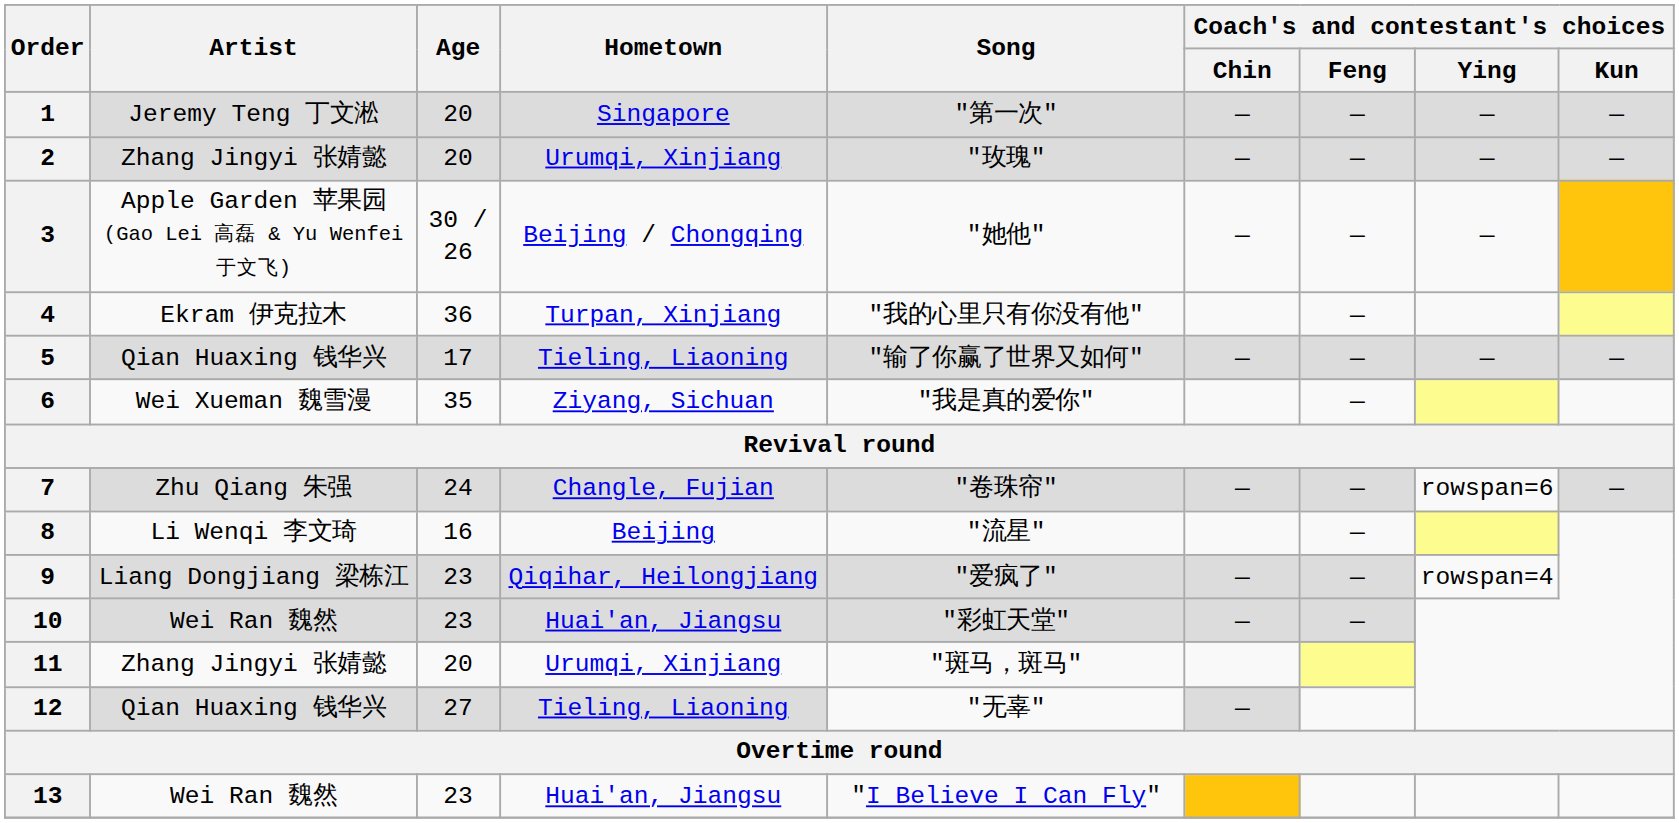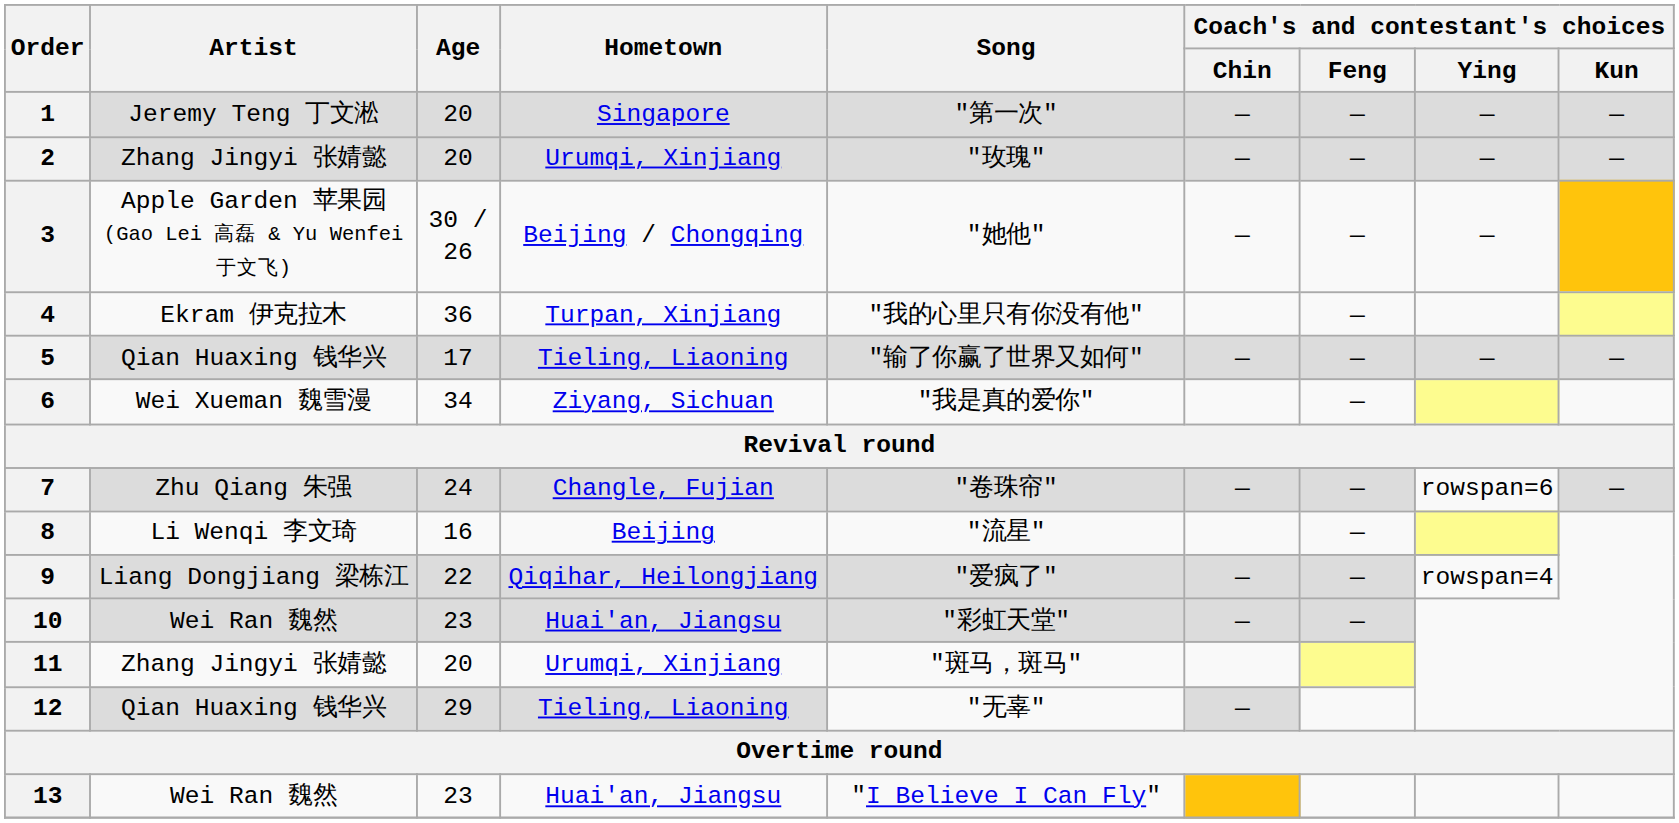 <table class="wikitable" style="text-align:center; line-height:17px; width:100%;">
 <tr>
 <th scope="col" rowspan="2" style="width:05%;">Order</th>
 <th scope="col" rowspan="2" style="width:20%;">Artist</th>
 <th scope="col" rowspan="2" style="width:05%;">Age</th>
 <th scope="col" rowspan="2" style="width:20%;">Hometown</th>
 <th scope="col" rowspan="2" style="width:22%;">Song</th>
 <th scope="col" colspan="4" style="width:28%;">Coach's and contestant's choices</th>
 </tr>
 <tr>
 <th style="width:07%;">Chin</th>
 <th style="width:07%;">Feng</th>
 <th style="width:07%;">Ying</th>
 <th style="width:07%;">Kun</th>
 </tr>
 <tr>
 <th>1</th>
 <td style="background:#DCDCDC;">Jeremy Teng 丁文淞</td>
 <td style="background:#DCDCDC;">20</td>
 <td style="background:#DCDCDC;"><a href='#'>Singapore</a></td>
 <td style="background:#DCDCDC;">"第一次"</td>
 <td style="background:#DCDCDC;">—</td>
 <td style="background:#DCDCDC;">—</td>
 <td style="background:#DCDCDC;">—</td>
 <td style="background:#DCDCDC;">—</td>
 </tr>
 <tr>
 <th>2</th>
 <td style="background:#DCDCDC;">Zhang Jingyi 张婧懿</td>
 <td style="background:#DCDCDC;">20</td>
 <td style="background:#DCDCDC;"><a href='#'>Urumqi, Xinjiang</a></td>
 <td style="background:#DCDCDC;">"玫瑰"</td>
 <td style="background:#DCDCDC;">—</td>
 <td style="background:#DCDCDC;">—</td>
 <td style="background:#DCDCDC;">—</td>
 <td style="background:#DCDCDC;">—</td>
 </tr>
 <tr>
 <th>3</th>
 <td>Apple Garden 苹果园<br><small>(Gao Lei 高磊 & Yu Wenfei 于文飞)</small></td>
 <td>30 / 26</td>
 <td><a href='#'>Beijing</a> / <a href='#'>Chongqing</a></td>
 <td>"她他"</td>
 <td>—</td>
 <td>—</td>
 <td>—</td>
 <td style="background:#FFC40C;"><strong></strong></td>
 </tr>
 <tr>
 <th>4</th>
 <td>Ekram 伊克拉木</td>
 <td>36</td>
 <td><a href='#'>Turpan, Xinjiang</a></td>
 <td>"我的心里只有你没有他"</td>
 <td><strong></strong></td>
 <td>—</td>
 <td><strong></strong></td>
 <td style="background:#fdfc8f;"><strong></strong></td>
 </tr>
 <tr>
 <th>5</th>
 <td style="background:#DCDCDC;">Qian Huaxing 钱华兴</td>
 <td style="background:#DCDCDC;">17</td>
 <td style="background:#DCDCDC;"><a href='#'>Tieling, Liaoning</a></td>
 <td style="background:#DCDCDC;">"输了你赢了世界又如何"</td>
 <td style="background:#DCDCDC;">—</td>
 <td style="background:#DCDCDC;">—</td>
 <td style="background:#DCDCDC;">—</td>
 <td style="background:#DCDCDC;">—</td>
 </tr>
 <tr>
 <th>6</th>
 <td>Wei Xueman 魏雪漫</td>
-<td>35</td>
+<td>34</td>
 <td><a href='#'>Ziyang, Sichuan</a></td>
 <td>"我是真的爱你"</td>
 <td><strong></strong></td>
 <td>—</td>
 <td style="background:#fdfc8f;"><strong></strong></td>
 <td><strong></strong></td>
 </tr>
 <tr>
 <th colspan=9>Revival round</th>
 </tr>
 <tr>
 <th>7</th>
 <td style="background:#DCDCDC;">Zhu Qiang 朱强</td>
 <td style="background:#DCDCDC;">24</td>
 <td style="background:#DCDCDC;"><a href='#'>Changle, Fujian</a></td>
 <td style="background:#DCDCDC;">"卷珠帘"</td>
 <td style="background:#DCDCDC;">—</td>
 <td style="background:#DCDCDC;">—</td>
 <td>rowspan=6 </td>
 <td style="background:#DCDCDC;">—</td>
 </tr>
 <tr>
 <th>8</th>
 <td>Li Wenqi 李文琦</td>
 <td>16</td>
 <td><a href='#'>Beijing</a></td>
 <td>"流星"</td>
 <td><strong></strong></td>
 <td>—</td>
 <td style="background:#fdfc8f;"><strong></strong></td>
 </tr>
 <tr>
 <th>9</th>
 <td style="background:#DCDCDC;">Liang Dongjiang 梁栋江</td>
-<td style="background:#DCDCDC;">23</td>
+<td style="background:#DCDCDC;">22</td>
 <td style="background:#DCDCDC;"><a href='#'>Qiqihar, Heilongjiang</a></td>
 <td style="background:#DCDCDC;">"爱疯了"</td>
 <td style="background:#DCDCDC;">—</td>
 <td style="background:#DCDCDC;">—</td>
 <td>rowspan=4 </td>
 </tr>
 <tr>
 <th>10</th>
 <td style="background:#DCDCDC;">Wei Ran 魏然</td>
 <td style="background:#DCDCDC;">23</td>
 <td style="background:#DCDCDC;"><a href='#'>Huai'an, Jiangsu</a></td>
 <td style="background:#DCDCDC;">"彩虹天堂"</td>
 <td style="background:#DCDCDC;">—</td>
 <td style="background:#DCDCDC;">—</td>
 </tr>
 <tr>
 <th>11</th>
 <td>Zhang Jingyi 张婧懿</td>
 <td>20</td>
 <td><a href='#'>Urumqi, Xinjiang</a></td>
 <td>"斑马，斑马"</td>
 <td><strong></strong></td>
 <td style="background:#fdfc8f;"><strong></strong></td>
 </tr>
 <tr>
 <th>12</th>
 <td style="background:#DCDCDC;">Qian Huaxing 钱华兴</td>
-<td style="background:#DCDCDC;">27</td>
+<td style="background:#DCDCDC;">29</td>
 <td style="background:#DCDCDC;"><a href='#'>Tieling, Liaoning</a></td>
 <td>"无辜"</td>
 <td style="background:#DCDCDC;">—</td>
 <td></td>
 </tr>
 <tr>
 <th colspan=9>Overtime round</th>
 </tr>
 <tr>
 <th>13</th>
 <td>Wei Ran 魏然</td>
 <td>23</td>
 <td><a href='#'>Huai'an, Jiangsu</a></td>
 <td>"<a href='#'>I Believe I Can Fly</a>"</td>
 <td style="background:#FFC40C;"><strong></strong></td>
 <td></td>
 <td></td>
 <td></td>
 </tr>
 <tr>
 </tr>
 </table>
